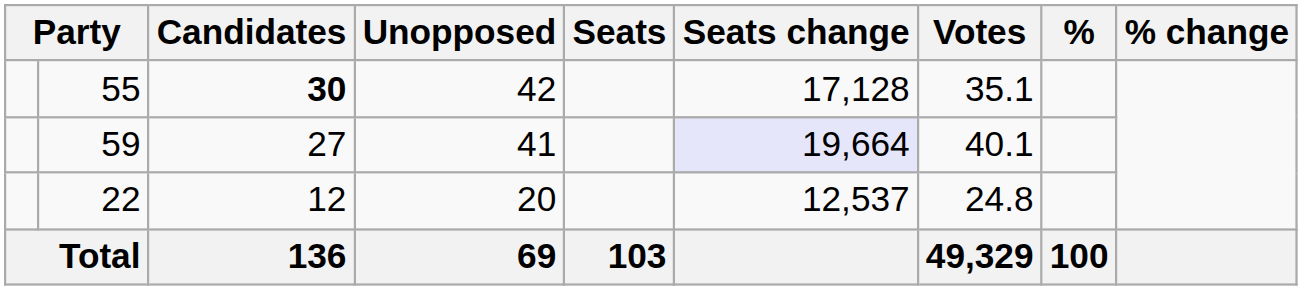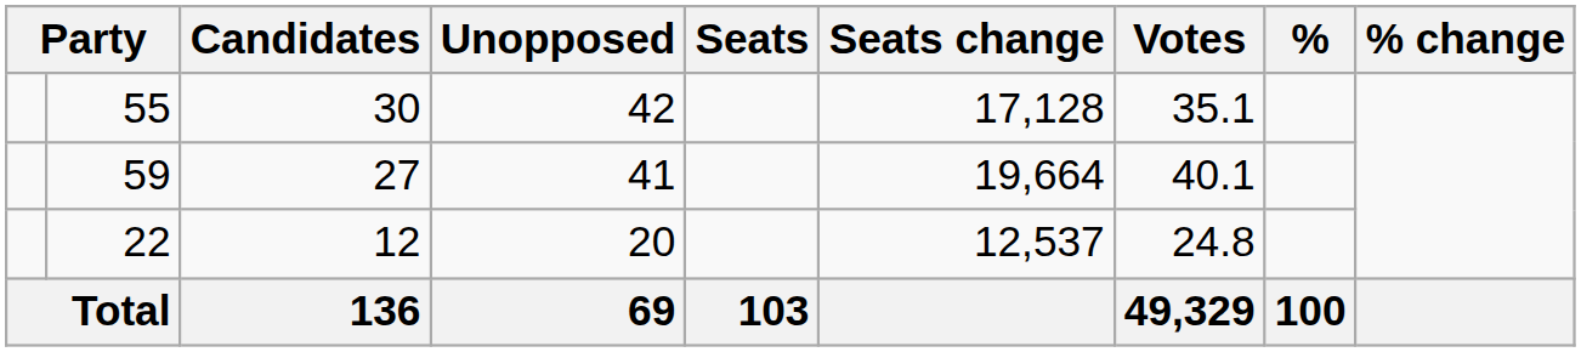 <table class="wikitable sortable">
 <tr>
 <th colspan=2>Party</th>
 <th>Candidates</th>
 <th>Unopposed</th>
 <th>Seats</th>
 <th>Seats change</th>
 <th>Votes</th>
 <th>%</th>
 <th>% change</th>
 </tr>
 <tr>
 <td></td>
 <td align=right>55</td>
-<td align=right><strong>30</strong></td>
+<td align=right>30</td>
 <td align=right>42</td>
 <td align=right></td>
 <td align=right>17,128</td>
 <td align=right>35.1</td>
 <td align=right></td>
 </tr>
 <tr>
 <td></td>
 <td align=right>59</td>
 <td align=right>27</td>
 <td align=right>41</td>
 <td align=right></td>
-<td align=right style="background: lavender;">19,664</td>
+<td align=right>19,664</td>
 <td align=right>40.1</td>
 <td align=right></td>
 </tr>
 <tr>
 <td></td>
 <td align=right>22</td>
 <td align=right>12</td>
 <td align=right>20</td>
 <td align=right></td>
 <td align=right>12,537</td>
 <td align=right>24.8</td>
 <td align=right></td>
 </tr>
 <tr class="sortbottom" style="font-weight: bold; text-align: right; background: #f2f2f2;">
 <th colspan="2" style="padding-left: 1.5em; text-align: left;">Total</th>
 <td align=right>136</td>
 <td align=right>69</td>
 <td align=right>103</td>
 <td align=right></td>
 <td align=right>49,329</td>
 <td align=right>100</td>
 <td align=right></td>
 </tr>
 </table>
